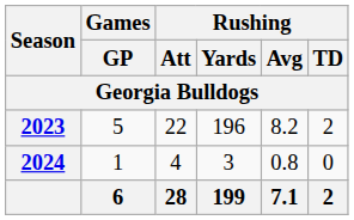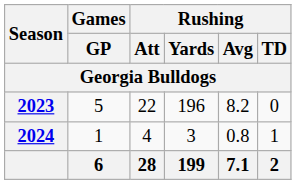 <table class="wikitable" style="text-align:center;">
 <tr>
 <th rowspan="2">Season</th>
 <th>Games</th>
 <th colspan="4">Rushing</th>
 </tr>
 <tr>
 <th>GP</th>
 <th>Att</th>
 <th>Yards</th>
 <th>Avg</th>
 <th>TD</th>
 </tr>
 <tr>
 <th colspan="6">Georgia Bulldogs</th>
 </tr>
 <tr>
 <th><a href='#'>2023</a></th>
 <td>5</td>
 <td>22</td>
 <td>196</td>
 <td>8.2</td>
-<td>2</td>
+<td>0</td>
 </tr>
 <tr>
 <th><a href='#'>2024</a></th>
 <td>1</td>
 <td>4</td>
 <td>3</td>
 <td>0.8</td>
-<td>0</td>
+<td>1</td>
 </tr>
 <tr>
 <th></th>
 <th>6</th>
 <th>28</th>
 <th>199</th>
 <th>7.1</th>
 <th>2</th>
 </tr>
 </table>
